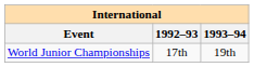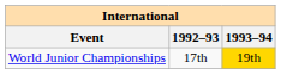 <table class="wikitable" style="text-align:center">
 <tr>
 <th style="background-color: #ffdead; " colspan=3 align=center>International</th>
 </tr>
 <tr>
 <th>Event</th>
 <th>1992–93</th>
 <th>1993–94</th>
 </tr>
 <tr>
 <td align=left><a href='#'>World Junior Championships</a></td>
 <td>17th</td>
-<td>19th</td>
+<td style="background: gold;">19th</td>
 </tr>
 </table>
